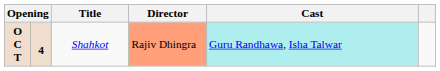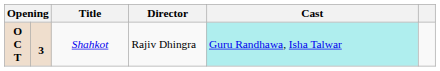 <table class="wikitable sortable">
 <tr>
 <th colspan="2" style="width:6%">Opening</th>
 <th style="width:18%">Title</th>
 <th style="width:18%">Director</th>
 <th>Cast</th>
 <th style="width:4%;"></th>
 </tr>
 <tr>
 <th rowspan="1" style="text-align:center; background:#EFDECD; textcolor:#000;">O<br>C<br>T<br></th>
-<td rowspan="1" style="text-align:center;background:#EFDECD;"><br><strong>4</strong></td>
+<td rowspan="1" style="text-align:center;background:#EFDECD;"><br><strong>3</strong></td>
 <td style="text-align:center;"><em><a href='#'>Shahkot</a></em></td>
-<td style="background: lightsalmon;">Rajiv Dhingra</td>
+<td>Rajiv Dhingra</td>
 <td style="background: paleturquoise;"><a href='#'>Guru Randhawa</a>, <a href='#'>Isha Talwar</a></td>
 <td></td>
 </tr>
 </table>
